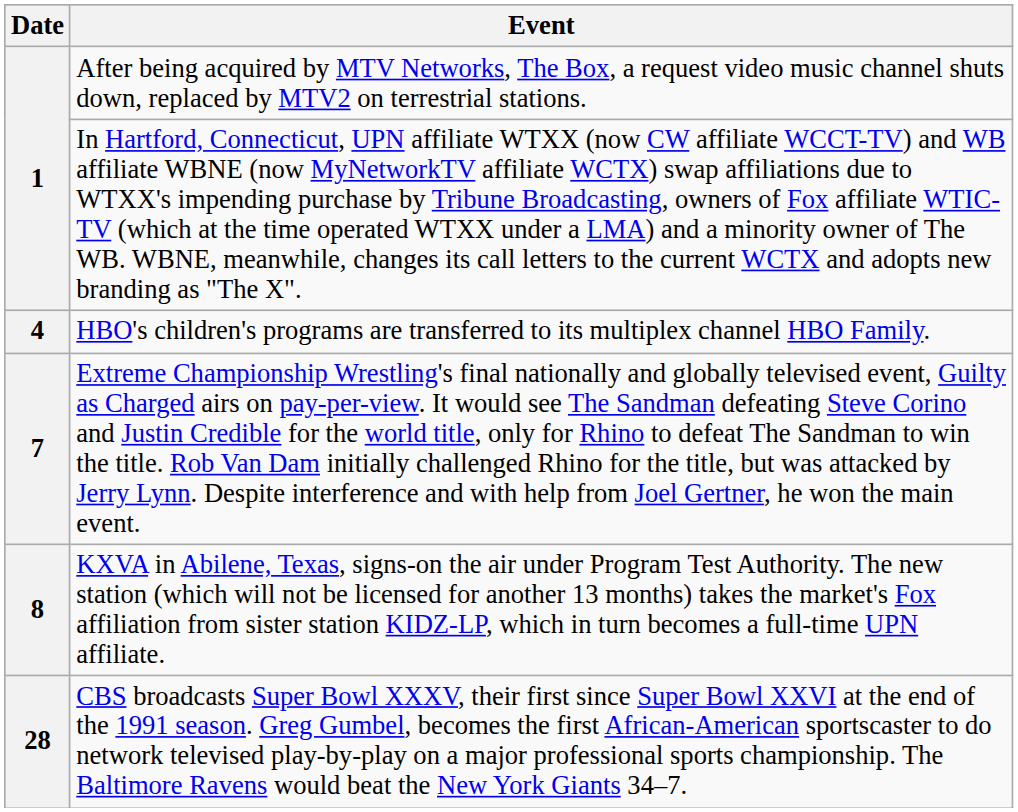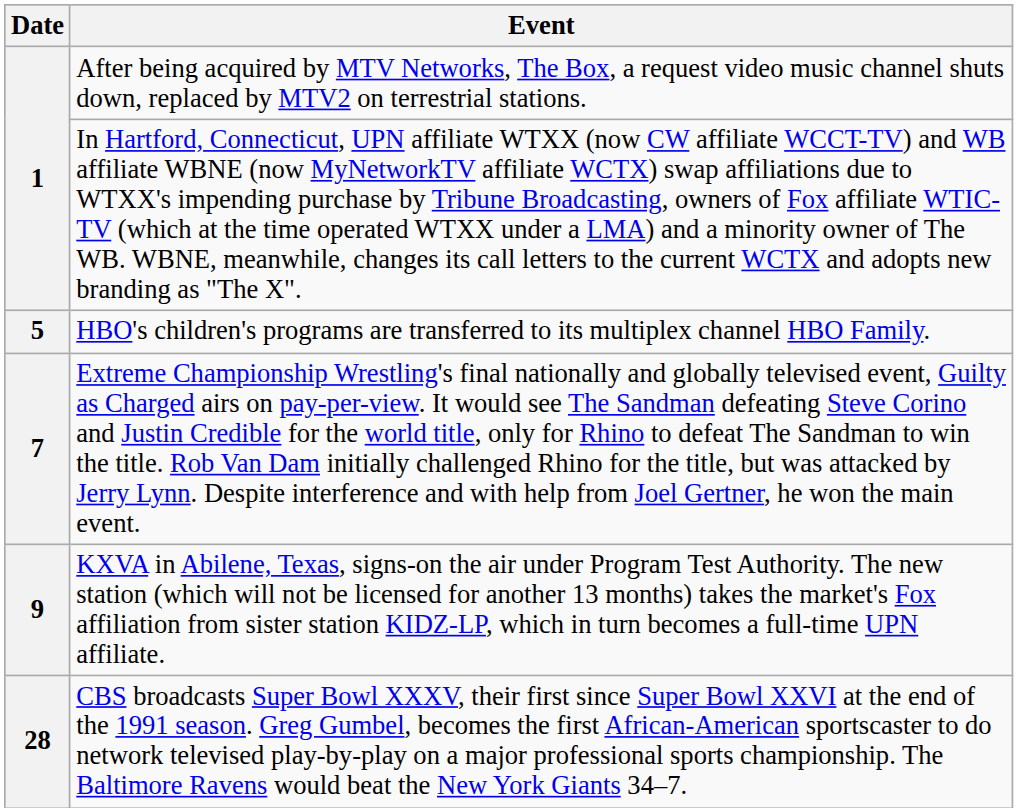 <table class="wikitable">
 <tr>
 <th>Date</th>
 <th>Event</th>
 </tr>
 <tr>
 <th rowspan="2">1</th>
 <td>After being acquired by <a href='#'>MTV Networks</a>, <a href='#'>The Box</a>, a request video music channel shuts down, replaced by <a href='#'>MTV2</a> on terrestrial stations.</td>
 </tr>
 <tr>
 <td>In <a href='#'>Hartford, Connecticut</a>, <a href='#'>UPN</a> affiliate WTXX (now <a href='#'>CW</a> affiliate <a href='#'>WCCT-TV</a>) and <a href='#'>WB</a> affiliate WBNE (now <a href='#'>MyNetworkTV</a> affiliate <a href='#'>WCTX</a>) swap affiliations due to WTXX's impending purchase by <a href='#'>Tribune Broadcasting</a>, owners of <a href='#'>Fox</a> affiliate <a href='#'>WTIC-TV</a> (which at the time operated WTXX under a <a href='#'>LMA</a>) and a minority owner of The WB. WBNE, meanwhile, changes its call letters to the current <a href='#'>WCTX</a> and adopts new branding as "The X".</td>
 </tr>
 <tr>
-<th>4</th>
+<th>5</th>
 <td><a href='#'>HBO</a>'s children's programs are transferred to its multiplex channel <a href='#'>HBO Family</a>.</td>
 </tr>
 <tr>
 <th>7</th>
 <td><a href='#'>Extreme Championship Wrestling</a>'s final nationally and globally televised event, <a href='#'>Guilty as Charged</a> airs on <a href='#'>pay-per-view</a>. It would see <a href='#'>The Sandman</a> defeating <a href='#'>Steve Corino</a> and <a href='#'>Justin Credible</a> for the <a href='#'>world title</a>, only for <a href='#'>Rhino</a> to defeat The Sandman to win the title. <a href='#'>Rob Van Dam</a> initially challenged Rhino for the title, but was attacked by <a href='#'>Jerry Lynn</a>. Despite interference and with help from <a href='#'>Joel Gertner</a>, he won the main event.</td>
 </tr>
 <tr>
-<th>8</th>
+<th>9</th>
 <td><a href='#'>KXVA</a> in <a href='#'>Abilene, Texas</a>, signs-on the air under Program Test Authority. The new station (which will not be licensed for another 13 months) takes the market's <a href='#'>Fox</a> affiliation from sister station <a href='#'>KIDZ-LP</a>, which in turn becomes a full-time <a href='#'>UPN</a> affiliate.</td>
 </tr>
 <tr>
 <th>28</th>
 <td><a href='#'>CBS</a> broadcasts <a href='#'>Super Bowl XXXV</a>, their first since <a href='#'>Super Bowl XXVI</a> at the end of the <a href='#'>1991 season</a>. <a href='#'>Greg Gumbel</a>, becomes the first <a href='#'>African-American</a> sportscaster to do network televised play-by-play on a major professional sports championship. The <a href='#'>Baltimore Ravens</a> would beat the <a href='#'>New York Giants</a> 34–7.</td>
 </tr>
 </table>
